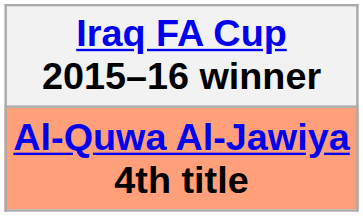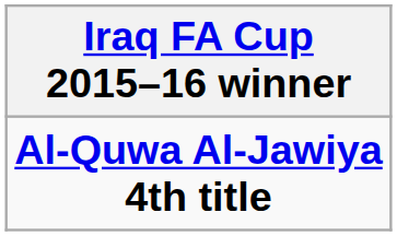 <table class="wikitable" style="text-align: center; margin: 0 auto;">
 <tr>
 <th><a href='#'>Iraq FA Cup</a><br>2015–16 winner</th>
 </tr>
 <tr>
-<td style="background: lightsalmon;"><strong><a href='#'>Al-Quwa Al-Jawiya</a></strong><br><strong>4th title</strong></td>
+<td><strong><a href='#'>Al-Quwa Al-Jawiya</a></strong><br><strong>4th title</strong></td>
 </tr>
 </table>
